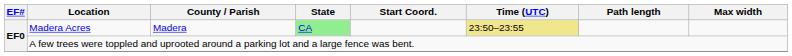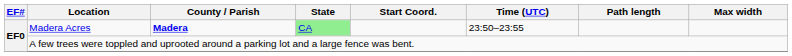 <table class="wikitable sortable" style="width:100%;">
 <tr>
 <th scope="col" width="2%" align="center"><a href='#'>EF#</a></th>
 <th scope="col" align="center" class="unsortable">Location</th>
 <th scope="col" align="center" class="unsortable">County / Parish</th>
 <th scope="col" align="center">State</th>
 <th scope="col" align="center">Start Coord.</th>
 <th scope="col" align="center">Time (<a href='#'>UTC</a>)</th>
 <th scope="col" align="center">Path length</th>
 <th scope="col" align="center">Max width</th>
 </tr>
 <tr>
 <th scope="row" rowspan="2" style="background-color:#">EF0</th>
 <td><a href='#'>Madera Acres</a></td>
-<td><a href='#'>Madera</a></td>
+<td><strong><a href='#'>Madera</a></strong></td>
 <td style="background: lightgreen;"><a href='#'>CA</a></td>
 <td></td>
-<td style="background: khaki;">23:50–23:55</td>
+<td>23:50–23:55</td>
 <td></td>
 <td></td>
 </tr>
 <tr class="expand-child">
 <td colspan="8" style=" border-bottom: 1px solid black;">A few trees were toppled and uprooted around a parking lot and a large fence was bent.</td>
 </tr>
 <tr>
 </tr>
 </table>
